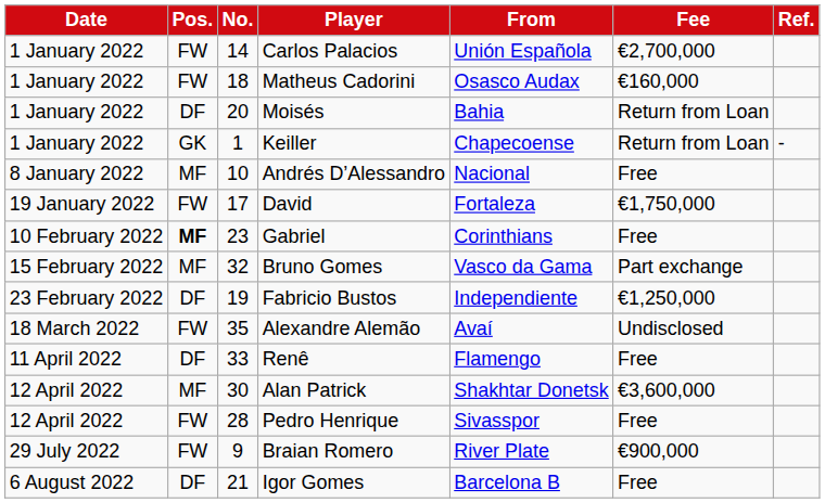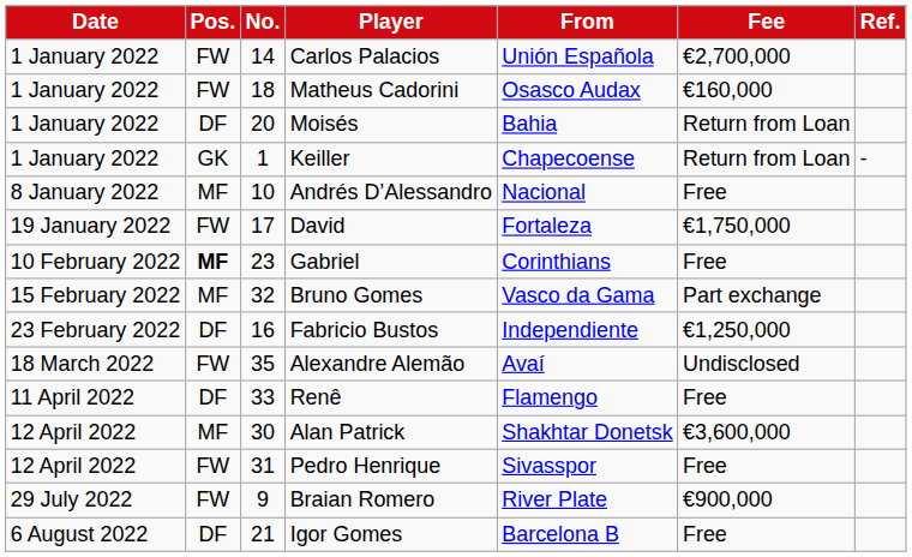 <table class="wikitable plainrowheaders sortable">
 <tr>
 <th style="background:#D10A11; color:#ffffff; ">Date</th>
 <th style="background:#D10A11; color:#ffffff; ">Pos.</th>
 <th style="background:#D10A11; color:#ffffff; ">No.</th>
 <th style="background:#D10A11; color:#ffffff; ">Player</th>
 <th style="background:#D10A11; color:#ffffff; ">From</th>
 <th style="background:#D10A11; color:#ffffff; ">Fee</th>
 <th style="background:#D10A11; color:#ffffff; ">Ref.</th>
 </tr>
 <tr>
 <td>1 January 2022</td>
 <td style="text-align:center;">FW</td>
 <td style="text-align:center;">14</td>
 <td style="text-align:left;"> Carlos Palacios</td>
 <td style="text-align:left;"> <a href='#'>Unión Española</a></td>
 <td>€2,700,000</td>
 <td></td>
 </tr>
 <tr>
 <td>1 January 2022</td>
 <td style="text-align:center;">FW</td>
 <td style="text-align:center;">18</td>
 <td style="text-align:left;"> Matheus Cadorini</td>
 <td style="text-align:left;"> <a href='#'>Osasco Audax</a></td>
 <td>€160,000</td>
 <td></td>
 </tr>
 <tr>
 <td>1 January 2022</td>
 <td style="text-align:center;">DF</td>
 <td style="text-align:center;">20</td>
 <td style="text-align:left;"> Moisés</td>
 <td style="text-aglin:left;"> <a href='#'>Bahia</a></td>
 <td>Return from Loan</td>
 <td></td>
 </tr>
 <tr>
 <td>1 January 2022</td>
 <td style="text-align:center;">GK</td>
 <td style="text-align:center;">1</td>
 <td style="text-align:left;"> Keiller</td>
 <td style="text-align:left;"> <a href='#'>Chapecoense</a></td>
 <td>Return from Loan</td>
 <td>-</td>
 </tr>
 <tr>
 <td>8 January 2022</td>
 <td style="text-align:center;">MF</td>
 <td style="text-align:center;">10</td>
 <td> Andrés D’Alessandro</td>
 <td> <a href='#'>Nacional</a></td>
 <td>Free</td>
 <td></td>
 </tr>
 <tr>
 <td>19 January 2022</td>
 <td style="text-align:center;">FW</td>
 <td style="text-align:center;">17</td>
 <td> David</td>
 <td> <a href='#'>Fortaleza</a></td>
 <td>€1,750,000</td>
 <td></td>
 </tr>
 <tr>
 <td>10 February 2022</td>
 <td style="text-align:center;"><strong>MF</strong></td>
 <td style="text-align:center;">23</td>
 <td> Gabriel</td>
 <td> <a href='#'>Corinthians</a></td>
 <td>Free</td>
 <td></td>
 </tr>
 <tr>
 <td>15 February 2022</td>
 <td style="text-align:center;">MF</td>
 <td style="text-align:center;">32</td>
 <td> Bruno Gomes</td>
 <td> <a href='#'>Vasco da Gama</a></td>
 <td>Part exchange</td>
 <td></td>
 </tr>
 <tr>
 <td>23 February 2022</td>
 <td style="text-align:center;">DF</td>
-<td style="text-align:center;">19</td>
+<td style="text-align:center;">16</td>
 <td> Fabricio Bustos</td>
 <td> <a href='#'>Independiente</a></td>
 <td>€1,250,000</td>
 <td></td>
 </tr>
 <tr>
 <td>18 March 2022</td>
 <td style="text-align:center;">FW</td>
 <td style="text-align:center;">35</td>
 <td> Alexandre Alemão</td>
 <td> <a href='#'>Avaí</a></td>
 <td>Undisclosed</td>
 <td></td>
 </tr>
 <tr>
 <td>11 April 2022</td>
 <td style="text-align:center;">DF</td>
 <td style="text-align:center;">33</td>
 <td> Renê</td>
 <td> <a href='#'>Flamengo</a></td>
 <td>Free</td>
 <td></td>
 </tr>
 <tr>
 <td>12 April 2022</td>
 <td style="text-align:center;">MF</td>
 <td style="text-align:center;">30</td>
 <td> Alan Patrick</td>
 <td> <a href='#'>Shakhtar Donetsk</a></td>
 <td>€3,600,000</td>
 <td></td>
 </tr>
 <tr>
 <td>12 April 2022</td>
 <td style="text-align:center;">FW</td>
-<td style="text-align:center;">28</td>
+<td style="text-align:center;">31</td>
 <td> Pedro Henrique</td>
 <td> <a href='#'>Sivasspor</a></td>
 <td>Free</td>
 <td></td>
 </tr>
 <tr>
 <td>29 July 2022</td>
 <td style="text-align:center;">FW</td>
 <td style="text-align:center;">9</td>
 <td> Braian Romero</td>
 <td> <a href='#'>River Plate</a></td>
 <td>€900,000</td>
 <td></td>
 </tr>
 <tr>
 <td>6 August 2022</td>
 <td style="text-align:center;">DF</td>
 <td style="text-align:center;">21</td>
 <td> Igor Gomes</td>
 <td> <a href='#'>Barcelona B</a></td>
 <td>Free</td>
 <td></td>
 </tr>
 </table>
